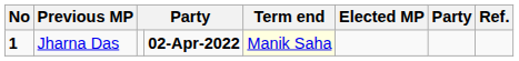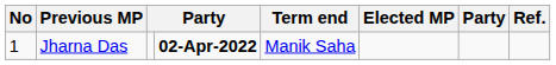 <table class="wikitable">
 <tr>
 <th scope="col">No</th>
 <th scope="col">Previous MP</th>
 <th scope="col" colspan="2">Party</th>
 <th scope="col">Term end</th>
 <th scope="col">Elected MP</th>
 <th scope="col" colspan="2">Party</th>
 <th>Ref.</th>
 </tr>
 <tr>
-<td><strong>1</strong></td>
+<td>1</td>
 <td><a href='#'>Jharna Das</a></td>
 <td></td>
 <td><strong>02-Apr-2022</strong></td>
-<td style="background: lightyellow;"><a href='#'>Manik Saha</a></td>
+<td><a href='#'>Manik Saha</a></td>
 <td></td>
 <td></td>
 </tr>
 </table>
